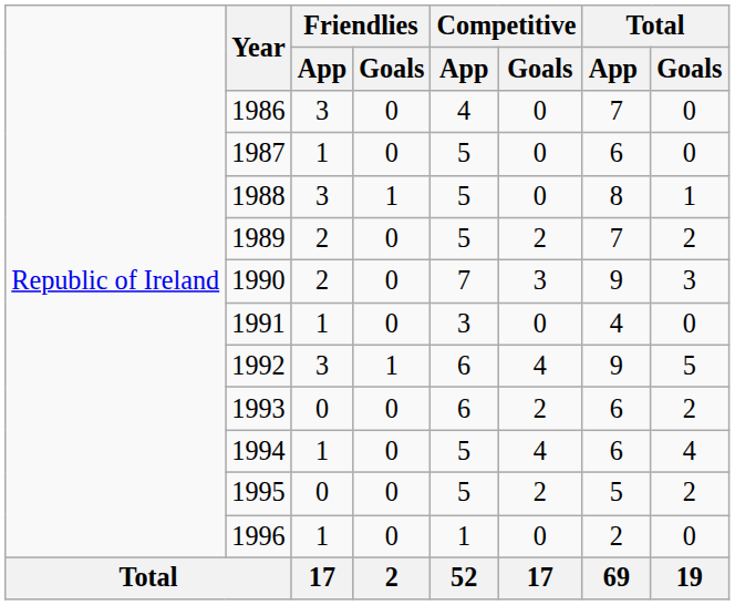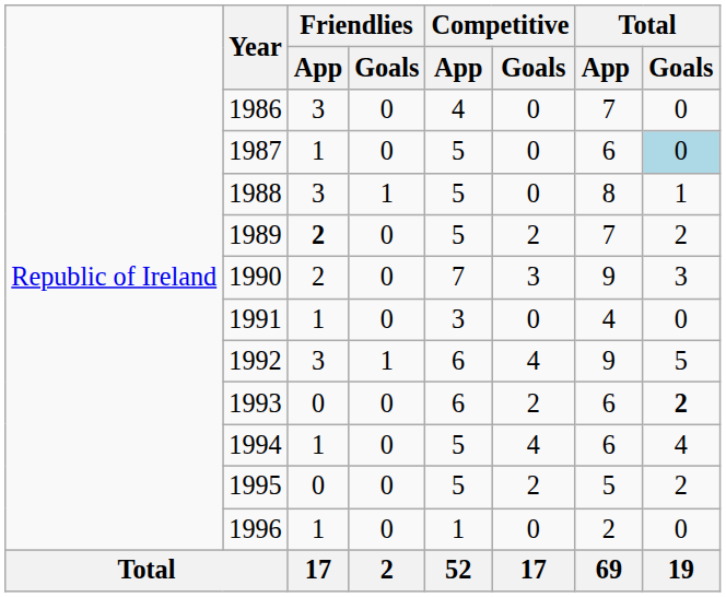 <table class="wikitable" style="text-align: center">
 <tr>
 <td rowspan="13"><a href='#'>Republic of Ireland</a></td>
 <th rowspan="2">Year</th>
 <th colspan="2">Friendlies</th>
 <th colspan="2">Competitive</th>
 <th colspan="2">Total</th>
 </tr>
 <tr>
 <th>App</th>
 <th>Goals</th>
 <th>App</th>
 <th>Goals</th>
 <th>App </th>
 <th>Goals</th>
 </tr>
 <tr>
 <td>1986</td>
 <td>3</td>
 <td>0</td>
 <td>4</td>
 <td>0</td>
 <td>7</td>
 <td>0</td>
 </tr>
 <tr>
 <td>1987</td>
 <td>1</td>
 <td>0</td>
 <td>5</td>
 <td>0</td>
 <td>6</td>
-<td>0</td>
+<td style="background: lightblue;">0</td>
 </tr>
 <tr>
 <td>1988</td>
 <td>3</td>
 <td>1</td>
 <td>5</td>
 <td>0</td>
 <td>8</td>
 <td>1</td>
 </tr>
 <tr>
 <td>1989</td>
-<td>2</td>
+<td><strong>2</strong></td>
 <td>0</td>
 <td>5</td>
 <td>2</td>
 <td>7</td>
 <td>2</td>
 </tr>
 <tr>
 <td>1990</td>
 <td>2</td>
 <td>0</td>
 <td>7</td>
 <td>3</td>
 <td>9</td>
 <td>3</td>
 </tr>
 <tr>
 <td>1991</td>
 <td>1</td>
 <td>0</td>
 <td>3</td>
 <td>0</td>
 <td>4</td>
 <td>0</td>
 </tr>
 <tr>
 <td>1992</td>
 <td>3</td>
 <td>1</td>
 <td>6</td>
 <td>4</td>
 <td>9</td>
 <td>5</td>
 </tr>
 <tr>
 <td>1993</td>
 <td>0</td>
 <td>0</td>
 <td>6</td>
 <td>2</td>
 <td>6</td>
-<td>2</td>
+<td><strong>2</strong></td>
 </tr>
 <tr>
 <td>1994</td>
 <td>1</td>
 <td>0</td>
 <td>5</td>
 <td>4</td>
 <td>6</td>
 <td>4</td>
 </tr>
 <tr>
 <td>1995</td>
 <td>0</td>
 <td>0</td>
 <td>5</td>
 <td>2</td>
 <td>5</td>
 <td>2</td>
 </tr>
 <tr>
 <td>1996</td>
 <td>1</td>
 <td>0</td>
 <td>1</td>
 <td>0</td>
 <td>2</td>
 <td>0</td>
 </tr>
 <tr>
 <th colspan="2">Total</th>
 <th>17</th>
 <th>2</th>
 <th>52</th>
 <th>17</th>
 <th>69</th>
 <th>19</th>
 </tr>
 </table>
